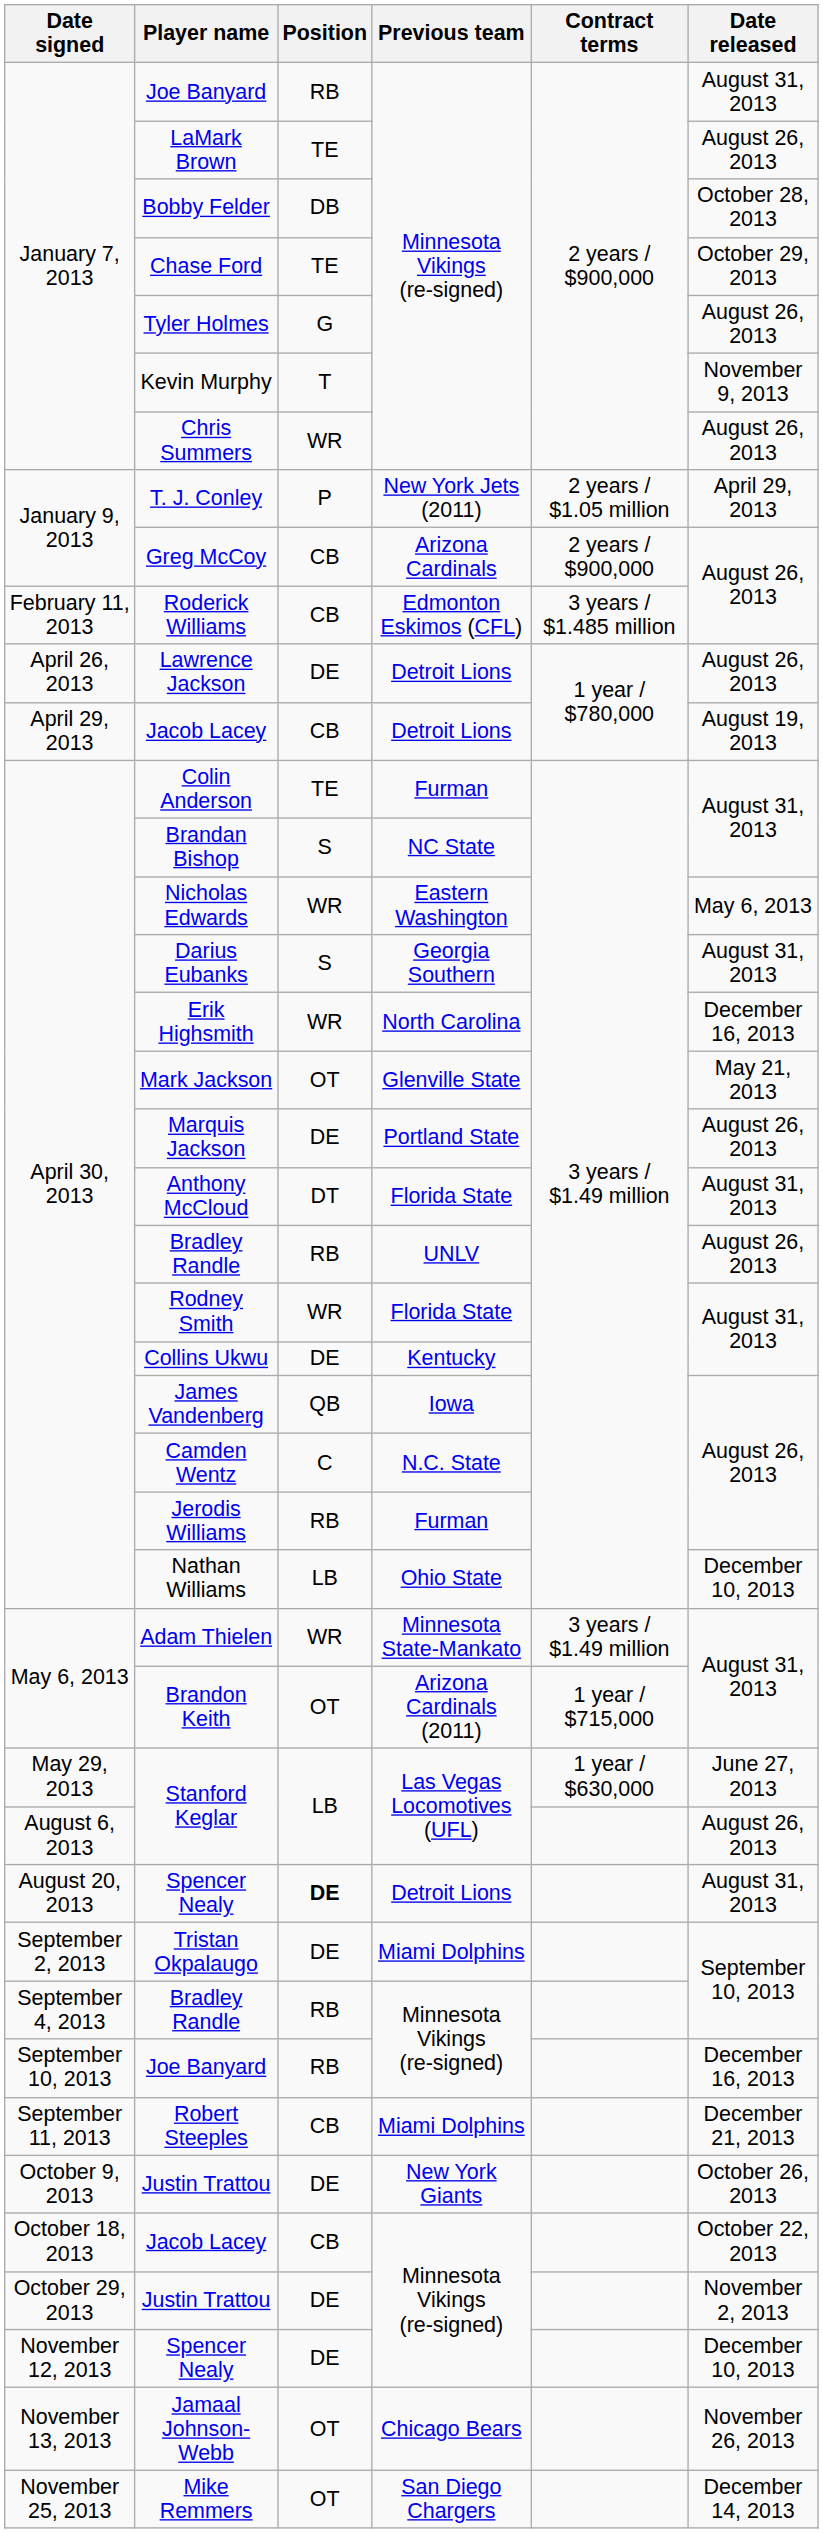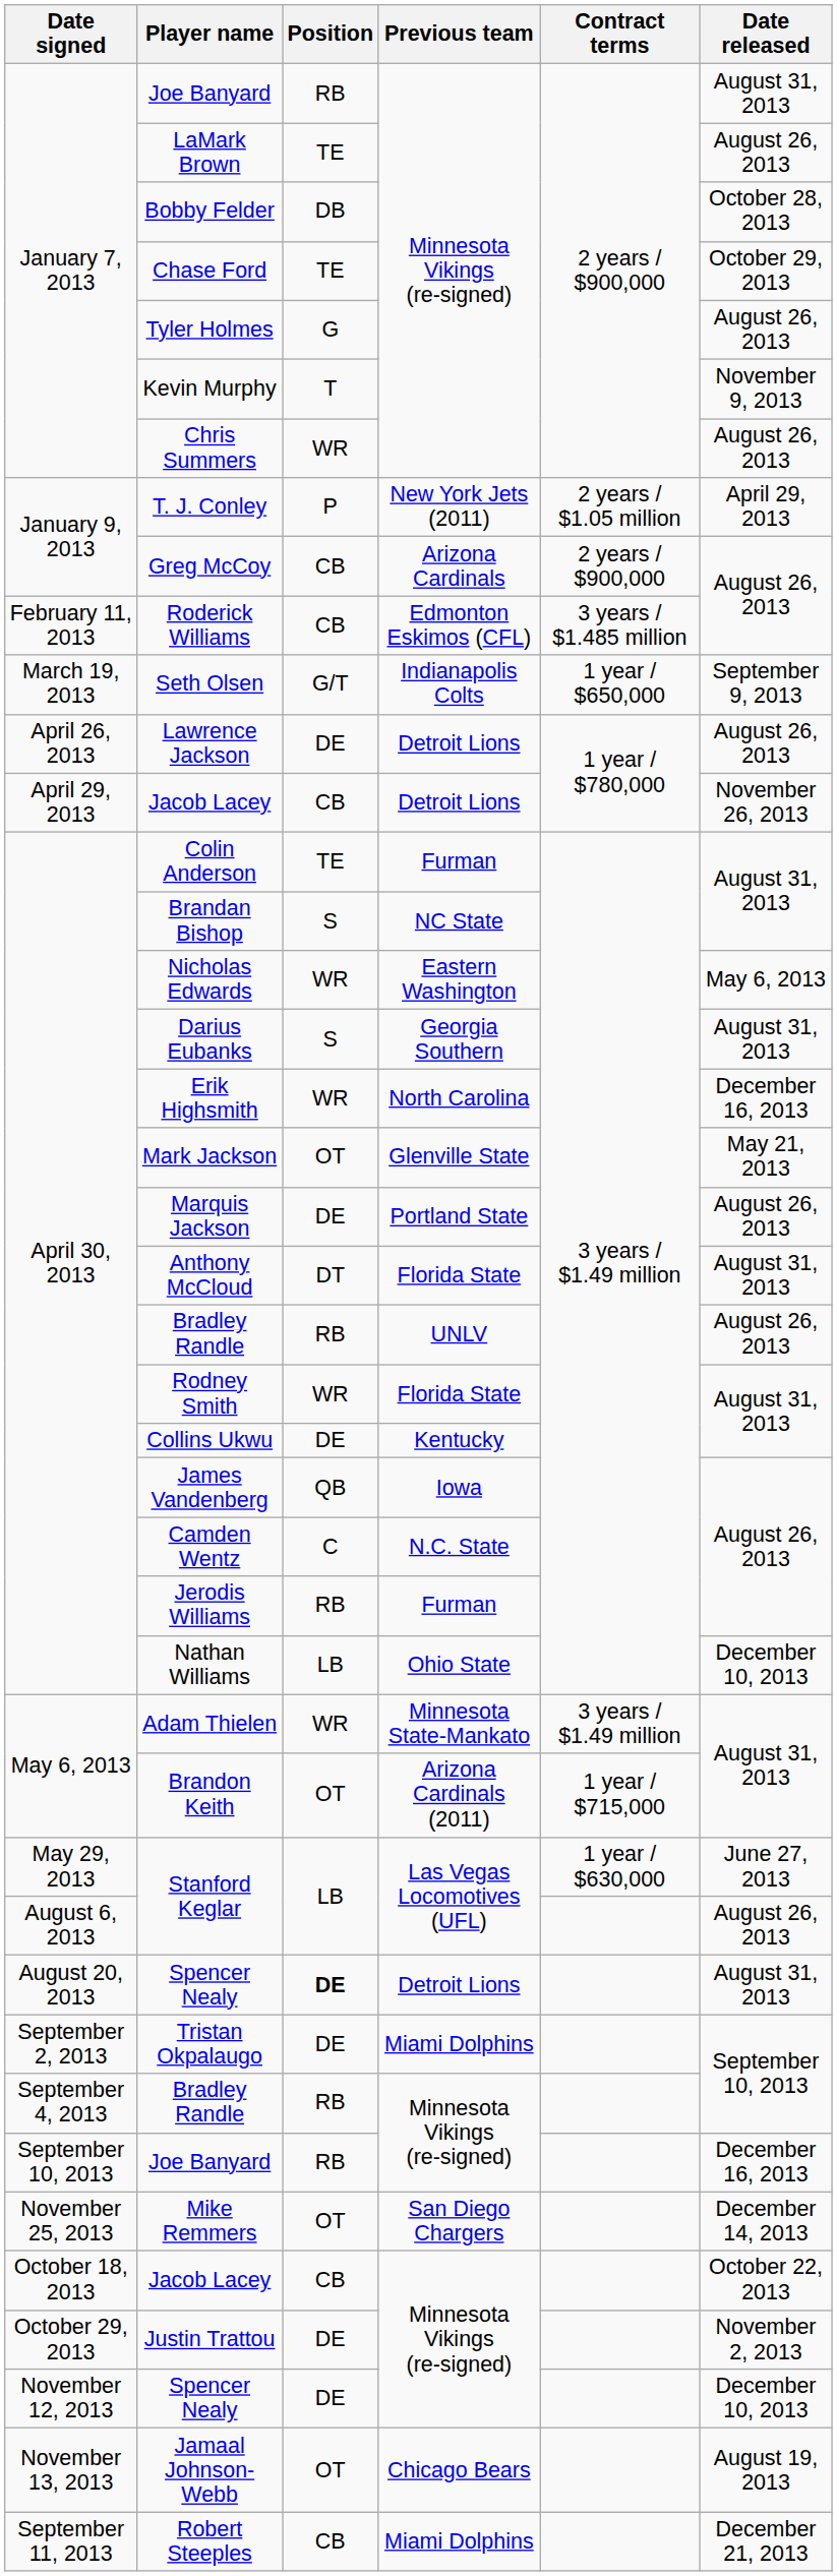 <table class="wikitable collapsible collapsed" style="text-align:center">
 <tr>
 <th>Date signed</th>
 <th>Player name</th>
 <th>Position</th>
 <th>Previous team</th>
 <th>Contract terms</th>
 <th>Date released</th>
 </tr>
 <tr>
 <td rowspan="7">January 7, 2013</td>
 <td><a href='#'>Joe Banyard</a></td>
 <td>RB</td>
 <td rowspan="7"><a href='#'>Minnesota Vikings</a><br>(re-signed)</td>
 <td rowspan="7">2 years / $900,000 </td>
 <td>August 31, 2013</td>
 </tr>
 <tr>
 <td><a href='#'>LaMark Brown</a></td>
 <td>TE</td>
 <td>August 26, 2013</td>
 </tr>
 <tr>
 <td><a href='#'>Bobby Felder</a></td>
 <td>DB</td>
 <td>October 28, 2013</td>
 </tr>
 <tr>
 <td><a href='#'>Chase Ford</a></td>
 <td>TE</td>
 <td>October 29, 2013</td>
 </tr>
 <tr>
 <td><a href='#'>Tyler Holmes</a></td>
 <td>G</td>
 <td>August 26, 2013</td>
 </tr>
 <tr>
 <td>Kevin Murphy</td>
 <td>T</td>
 <td>November 9, 2013</td>
 </tr>
 <tr>
 <td><a href='#'>Chris Summers</a></td>
 <td>WR</td>
 <td>August 26, 2013</td>
 </tr>
 <tr>
 <td rowspan="2">January 9, 2013</td>
 <td><a href='#'>T. J. Conley</a></td>
 <td>P</td>
 <td><a href='#'>New York Jets</a> (2011)</td>
 <td>2 years / $1.05 million</td>
 <td>April 29, 2013</td>
 </tr>
 <tr>
 <td><a href='#'>Greg McCoy</a></td>
 <td>CB</td>
 <td><a href='#'>Arizona Cardinals</a></td>
 <td>2 years / $900,000</td>
 <td rowspan="2">August 26, 2013</td>
 </tr>
 <tr>
 <td>February 11, 2013</td>
 <td><a href='#'>Roderick Williams</a></td>
 <td>CB</td>
 <td><a href='#'>Edmonton Eskimos</a> (<a href='#'>CFL</a>)</td>
 <td>3 years / $1.485 million</td>
 </tr>
 <tr>
+<td>March 19, 2013</td>
+<td><a href='#'>Seth Olsen</a></td>
+<td>G/T</td>
+<td><a href='#'>Indianapolis Colts</a></td>
+<td>1 year / $650,000</td>
+<td>September 9, 2013</td>
+</tr>
+<tr>
 <td>April 26, 2013</td>
 <td><a href='#'>Lawrence Jackson</a></td>
 <td>DE</td>
 <td><a href='#'>Detroit Lions</a></td>
 <td rowspan="2">1 year / $780,000</td>
 <td>August 26, 2013</td>
 </tr>
 <tr>
 <td>April 29, 2013</td>
 <td><a href='#'>Jacob Lacey</a></td>
 <td>CB</td>
 <td><a href='#'>Detroit Lions</a></td>
-<td>August 19, 2013</td>
+<td>November 26, 2013</td>
 </tr>
 <tr>
 <td rowspan="15">April 30, 2013</td>
 <td><a href='#'>Colin Anderson</a></td>
 <td>TE</td>
 <td><a href='#'>Furman</a></td>
 <td rowspan="15">3 years / $1.49 million</td>
 <td rowspan="2">August 31, 2013</td>
 </tr>
 <tr>
 <td><a href='#'>Brandan Bishop</a></td>
 <td>S</td>
 <td><a href='#'>NC State</a></td>
 </tr>
 <tr>
 <td><a href='#'>Nicholas Edwards</a></td>
 <td>WR</td>
 <td><a href='#'>Eastern Washington</a></td>
 <td>May 6, 2013</td>
 </tr>
 <tr>
 <td><a href='#'>Darius Eubanks</a></td>
 <td>S</td>
 <td><a href='#'>Georgia Southern</a></td>
 <td>August 31, 2013</td>
 </tr>
 <tr>
 <td><a href='#'>Erik Highsmith</a></td>
 <td>WR</td>
 <td><a href='#'>North Carolina</a></td>
 <td>December 16, 2013</td>
 </tr>
 <tr>
 <td><a href='#'>Mark Jackson</a></td>
 <td>OT</td>
 <td><a href='#'>Glenville State</a></td>
 <td>May 21, 2013</td>
 </tr>
 <tr>
 <td><a href='#'>Marquis Jackson</a></td>
 <td>DE</td>
 <td><a href='#'>Portland State</a></td>
 <td>August 26, 2013</td>
 </tr>
 <tr>
 <td><a href='#'>Anthony McCloud</a></td>
 <td>DT</td>
 <td><a href='#'>Florida State</a></td>
 <td>August 31, 2013</td>
 </tr>
 <tr>
 <td><a href='#'>Bradley Randle</a></td>
 <td>RB</td>
 <td><a href='#'>UNLV</a></td>
 <td>August 26, 2013</td>
 </tr>
 <tr>
 <td><a href='#'>Rodney Smith</a></td>
 <td>WR</td>
 <td><a href='#'>Florida State</a></td>
 <td rowspan="2">August 31, 2013</td>
 </tr>
 <tr>
 <td><a href='#'>Collins Ukwu</a></td>
 <td>DE</td>
 <td><a href='#'>Kentucky</a></td>
 </tr>
 <tr>
 <td><a href='#'>James Vandenberg</a></td>
 <td>QB</td>
 <td><a href='#'>Iowa</a></td>
 <td rowspan="3">August 26, 2013</td>
 </tr>
 <tr>
 <td><a href='#'>Camden Wentz</a></td>
 <td>C</td>
 <td><a href='#'>N.C. State</a></td>
 </tr>
 <tr>
 <td><a href='#'>Jerodis Williams</a></td>
 <td>RB</td>
 <td><a href='#'>Furman</a></td>
 </tr>
 <tr>
 <td>Nathan Williams</td>
 <td>LB</td>
 <td><a href='#'>Ohio State</a></td>
 <td>December 10, 2013</td>
 </tr>
 <tr>
 <td rowspan="2">May 6, 2013</td>
 <td><a href='#'>Adam Thielen</a></td>
 <td>WR</td>
 <td><a href='#'>Minnesota State-Mankato</a></td>
 <td>3 years / $1.49 million</td>
 <td rowspan="2">August 31, 2013</td>
 </tr>
 <tr>
 <td><a href='#'>Brandon Keith</a></td>
 <td>OT</td>
 <td><a href='#'>Arizona Cardinals</a> (2011)</td>
 <td>1 year / $715,000</td>
 </tr>
 <tr>
 <td>May 29, 2013</td>
 <td rowspan="2"><a href='#'>Stanford Keglar</a></td>
 <td rowspan="2">LB</td>
 <td rowspan="2"><a href='#'>Las Vegas Locomotives</a> (<a href='#'>UFL</a>)</td>
 <td>1 year / $630,000</td>
 <td>June 27, 2013</td>
 </tr>
 <tr>
 <td>August 6, 2013</td>
 <td></td>
 <td>August 26, 2013</td>
 </tr>
 <tr>
 <td>August 20, 2013</td>
 <td><a href='#'>Spencer Nealy</a></td>
 <td><strong>DE</strong></td>
 <td><a href='#'>Detroit Lions</a></td>
 <td></td>
 <td>August 31, 2013</td>
 </tr>
 <tr>
 <td>September 2, 2013</td>
 <td><a href='#'>Tristan Okpalaugo</a></td>
 <td>DE</td>
 <td><a href='#'>Miami Dolphins</a></td>
 <td></td>
 <td rowspan="2">September 10, 2013</td>
 </tr>
 <tr>
 <td>September 4, 2013</td>
 <td><a href='#'>Bradley Randle</a></td>
 <td>RB</td>
 <td rowspan="2">Minnesota Vikings<br>(re-signed)</td>
 <td></td>
 </tr>
 <tr>
 <td>September 10, 2013</td>
 <td><a href='#'>Joe Banyard</a></td>
 <td>RB</td>
 <td></td>
 <td>December 16, 2013</td>
 </tr>
 <tr>
-<td>September 11, 2013</td>
-<td><a href='#'>Robert Steeples</a></td>
-<td>CB</td>
-<td><a href='#'>Miami Dolphins</a></td>
+<td>November 25, 2013</td>
+<td><a href='#'>Mike Remmers</a></td>
+<td>OT</td>
+<td><a href='#'>San Diego Chargers</a></td>
 <td></td>
-<td>December 21, 2013</td>
-</tr>
-<tr>
-<td>October 9, 2013</td>
-<td><a href='#'>Justin Trattou</a></td>
-<td>DE</td>
-<td><a href='#'>New York Giants</a></td>
-<td></td>
-<td>October 26, 2013</td>
+<td>December 14, 2013</td>
 </tr>
 <tr>
 <td>October 18, 2013</td>
 <td><a href='#'>Jacob Lacey</a></td>
 <td>CB</td>
 <td rowspan="3">Minnesota Vikings<br>(re-signed)</td>
 <td></td>
 <td>October 22, 2013</td>
 </tr>
 <tr>
 <td>October 29, 2013</td>
 <td><a href='#'>Justin Trattou</a></td>
 <td>DE</td>
 <td></td>
 <td>November 2, 2013</td>
 </tr>
 <tr>
 <td>November 12, 2013</td>
 <td><a href='#'>Spencer Nealy</a></td>
 <td>DE</td>
 <td></td>
 <td>December 10, 2013</td>
 </tr>
 <tr>
 <td>November 13, 2013</td>
 <td><a href='#'>Jamaal Johnson-Webb</a></td>
 <td>OT</td>
 <td><a href='#'>Chicago Bears</a></td>
 <td></td>
-<td>November 26, 2013</td>
+<td>August 19, 2013</td>
 </tr>
 <tr>
-<td>November 25, 2013</td>
-<td><a href='#'>Mike Remmers</a></td>
-<td>OT</td>
-<td><a href='#'>San Diego Chargers</a></td>
+<td>September 11, 2013</td>
+<td><a href='#'>Robert Steeples</a></td>
+<td>CB</td>
+<td><a href='#'>Miami Dolphins</a></td>
 <td></td>
-<td>December 14, 2013</td>
+<td>December 21, 2013</td>
 </tr>
 </table>
